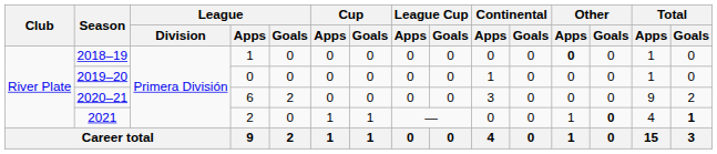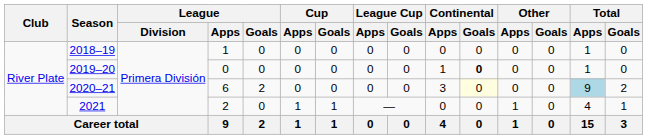 <table class="wikitable" style="text-align:center">
 <tr>
 <th rowspan="2">Club</th>
 <th rowspan="2">Season</th>
 <th colspan="3">League</th>
 <th colspan="2">Cup</th>
 <th colspan="2">League Cup</th>
 <th colspan="2">Continental</th>
 <th colspan="2">Other</th>
 <th colspan="2">Total</th>
 </tr>
 <tr>
 <th>Division</th>
 <th>Apps</th>
 <th>Goals</th>
 <th>Apps</th>
 <th>Goals</th>
 <th>Apps</th>
 <th>Goals</th>
 <th>Apps</th>
 <th>Goals</th>
 <th>Apps</th>
 <th>Goals</th>
 <th>Apps</th>
 <th>Goals</th>
 </tr>
 <tr>
 <td rowspan="4"><a href='#'>River Plate</a></td>
 <td><a href='#'>2018–19</a></td>
 <td rowspan="4"><a href='#'>Primera División</a></td>
 <td>1</td>
 <td>0</td>
 <td>0</td>
 <td>0</td>
 <td>0</td>
 <td>0</td>
 <td>0</td>
 <td>0</td>
-<td><strong>0</strong></td>
+<td>0</td>
 <td>0</td>
 <td>1</td>
 <td>0</td>
 </tr>
 <tr>
 <td><a href='#'>2019–20</a></td>
 <td>0</td>
 <td>0</td>
 <td>0</td>
 <td>0</td>
 <td>0</td>
 <td>0</td>
 <td>1</td>
-<td>0</td>
+<td><strong>0</strong></td>
 <td>0</td>
 <td>0</td>
 <td>1</td>
 <td>0</td>
 </tr>
 <tr>
 <td><a href='#'>2020–21</a></td>
 <td>6</td>
 <td>2</td>
 <td>0</td>
 <td>0</td>
 <td>0</td>
 <td>0</td>
 <td>3</td>
+<td style="background: lightyellow;">0</td>
 <td>0</td>
 <td>0</td>
-<td>0</td>
-<td>9</td>
+<td style="background: lightblue;">9</td>
 <td>2</td>
 </tr>
 <tr>
 <td><a href='#'>2021</a></td>
 <td>2</td>
 <td>0</td>
 <td>1</td>
 <td>1</td>
 <td colspan="2">—</td>
 <td>0</td>
 <td>0</td>
 <td>1</td>
-<td><strong>0</strong></td>
+<td>0</td>
 <td>4</td>
-<td><strong>1</strong></td>
+<td>1</td>
 </tr>
 <tr>
 <th colspan="3">Career total</th>
 <th>9</th>
 <th>2</th>
 <th>1</th>
 <th>1</th>
 <th>0</th>
 <th>0</th>
 <th>4</th>
 <th>0</th>
 <th>1</th>
 <th>0</th>
 <th>15</th>
 <th>3</th>
 </tr>
 </table>
